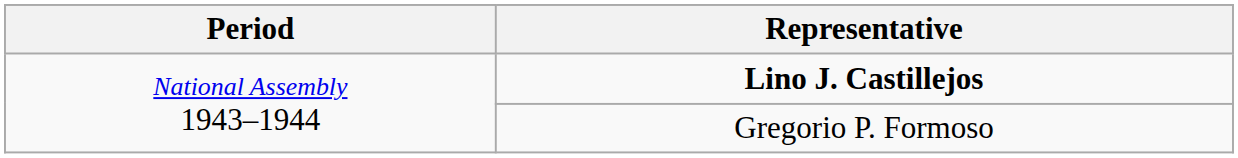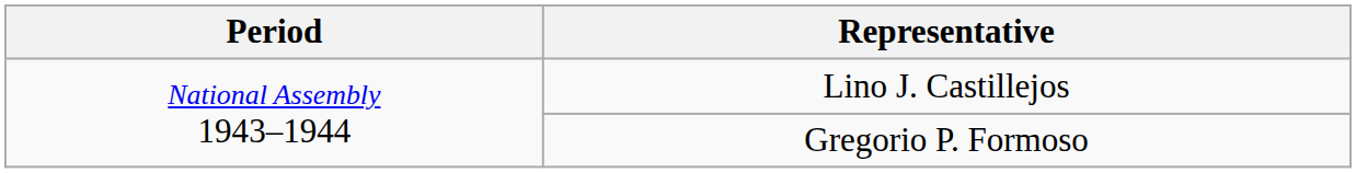 <table class="wikitable" style="text-align:center; width:40%;">
 <tr>
 <th width="40%">Period</th>
 <th>Representative</th>
 </tr>
 <tr>
 <td rowspan="2"><small><a href='#'><em>National Assembly</em></a></small><br>1943–1944</td>
-<td><strong>Lino J. Castillejos</strong></td>
+<td>Lino J. Castillejos</td>
 </tr>
 <tr>
 <td>Gregorio P. Formoso</td>
 </tr>
 </table>
